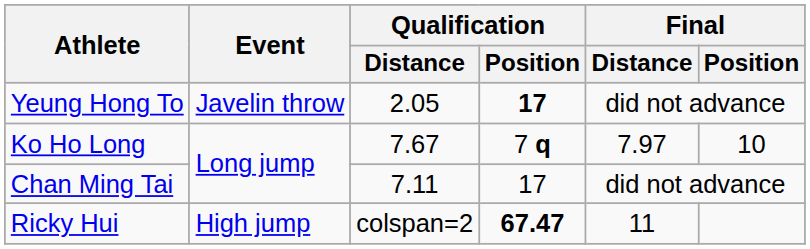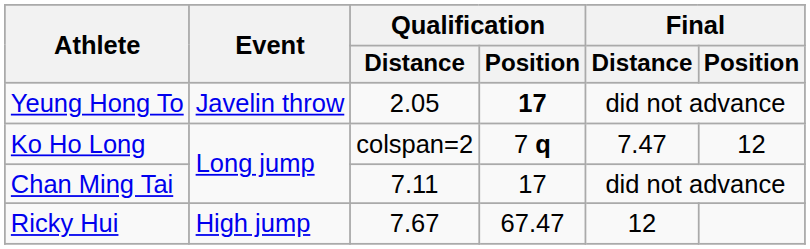 <table class=wikitable style=font-size:90%;text-align:center>
 <tr>
 <th rowspan=2>Athlete</th>
 <th rowspan=2>Event</th>
 <th colspan=2>Qualification</th>
 <th colspan=2>Final</th>
 </tr>
 <tr style=font-size:95%>
 <th>Distance</th>
 <th>Position</th>
 <th>Distance</th>
 <th>Position</th>
 </tr>
 <tr>
 <td align=left><a href='#'>Yeung Hong To</a></td>
 <td align=left><a href='#'>Javelin throw</a></td>
 <td>2.05</td>
 <td><strong>17</strong></td>
 <td colspan=2>did not advance</td>
 </tr>
 <tr>
 <td align=left><a href='#'>Ko Ho Long</a></td>
 <td align=left rowspan=2><a href='#'>Long jump</a></td>
-<td>7.67</td>
+<td>colspan=2 </td>
 <td>7 <strong>q</strong></td>
-<td>7.97</td>
-<td>10</td>
+<td>7.47</td>
+<td>12</td>
 </tr>
 <tr>
 <td align=left><a href='#'>Chan Ming Tai</a></td>
 <td>7.11</td>
 <td>17</td>
 <td colspan=2>did not advance</td>
 </tr>
 <tr>
 <td align=left><a href='#'>Ricky Hui</a></td>
 <td align=left><a href='#'>High jump</a></td>
-<td>colspan=2 </td>
-<td><strong>67.47</strong></td>
-<td>11</td>
+<td>7.67</td>
+<td>67.47</td>
+<td>12</td>
 </tr>
 </table>
